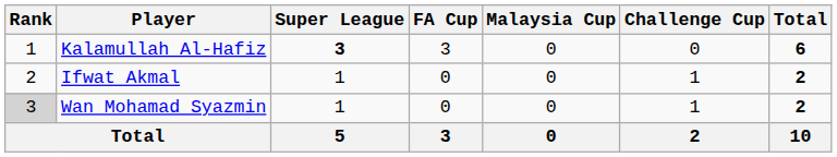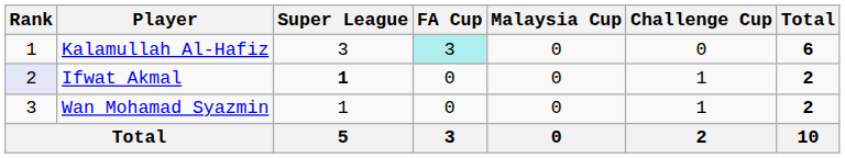 <table class="wikitable" style="text-align: center;">
 <tr>
 <th>Rank</th>
 <th>Player</th>
 <th>Super League</th>
 <th>FA Cup</th>
 <th>Malaysia Cup</th>
 <th>Challenge Cup</th>
 <th>Total</th>
 </tr>
 <tr>
 <td>1</td>
 <td align=left> <a href='#'>Kalamullah Al-Hafiz</a></td>
-<td><strong>3</strong></td>
 <td>3</td>
+<td style="background: paleturquoise;">3</td>
 <td>0</td>
 <td>0</td>
 <td><strong>6</strong></td>
 </tr>
 <tr>
-<td>2</td>
+<td style="background: lavender;">2</td>
 <td align=left> <a href='#'>Ifwat Akmal</a></td>
-<td>1</td>
+<td><strong>1</strong></td>
 <td>0</td>
 <td>0</td>
 <td>1</td>
 <td><strong>2</strong></td>
 </tr>
 <tr>
-<td style="background: lightgrey;">3</td>
+<td>3</td>
 <td align=left> <a href='#'>Wan Mohamad Syazmin</a></td>
 <td>1</td>
 <td>0</td>
 <td>0</td>
 <td>1</td>
 <td><strong>2</strong></td>
 </tr>
 <tr>
 <th colspan=2>Total</th>
 <th>5</th>
 <th>3</th>
 <th>0</th>
 <th>2</th>
 <th>10</th>
 </tr>
 </table>
